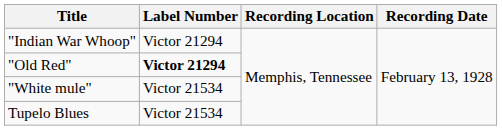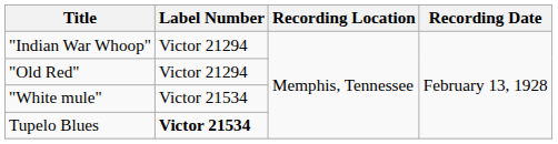 <table class="wikitable">
 <tr>
 <th>Title</th>
 <th>Label Number</th>
 <th>Recording Location</th>
 <th>Recording Date</th>
 </tr>
 <tr>
 <td>"Indian War Whoop"</td>
 <td>Victor 21294</td>
 <td rowspan="4">Memphis, Tennessee</td>
 <td rowspan="4">February 13, 1928</td>
 </tr>
 <tr>
 <td>"Old Red"</td>
-<td><strong>Victor 21294</strong></td>
+<td>Victor 21294</td>
 </tr>
 <tr>
 <td>"White mule"</td>
 <td>Victor 21534</td>
 </tr>
 <tr>
 <td>Tupelo Blues</td>
-<td>Victor 21534</td>
+<td><strong>Victor 21534</strong></td>
 </tr>
 </table>
